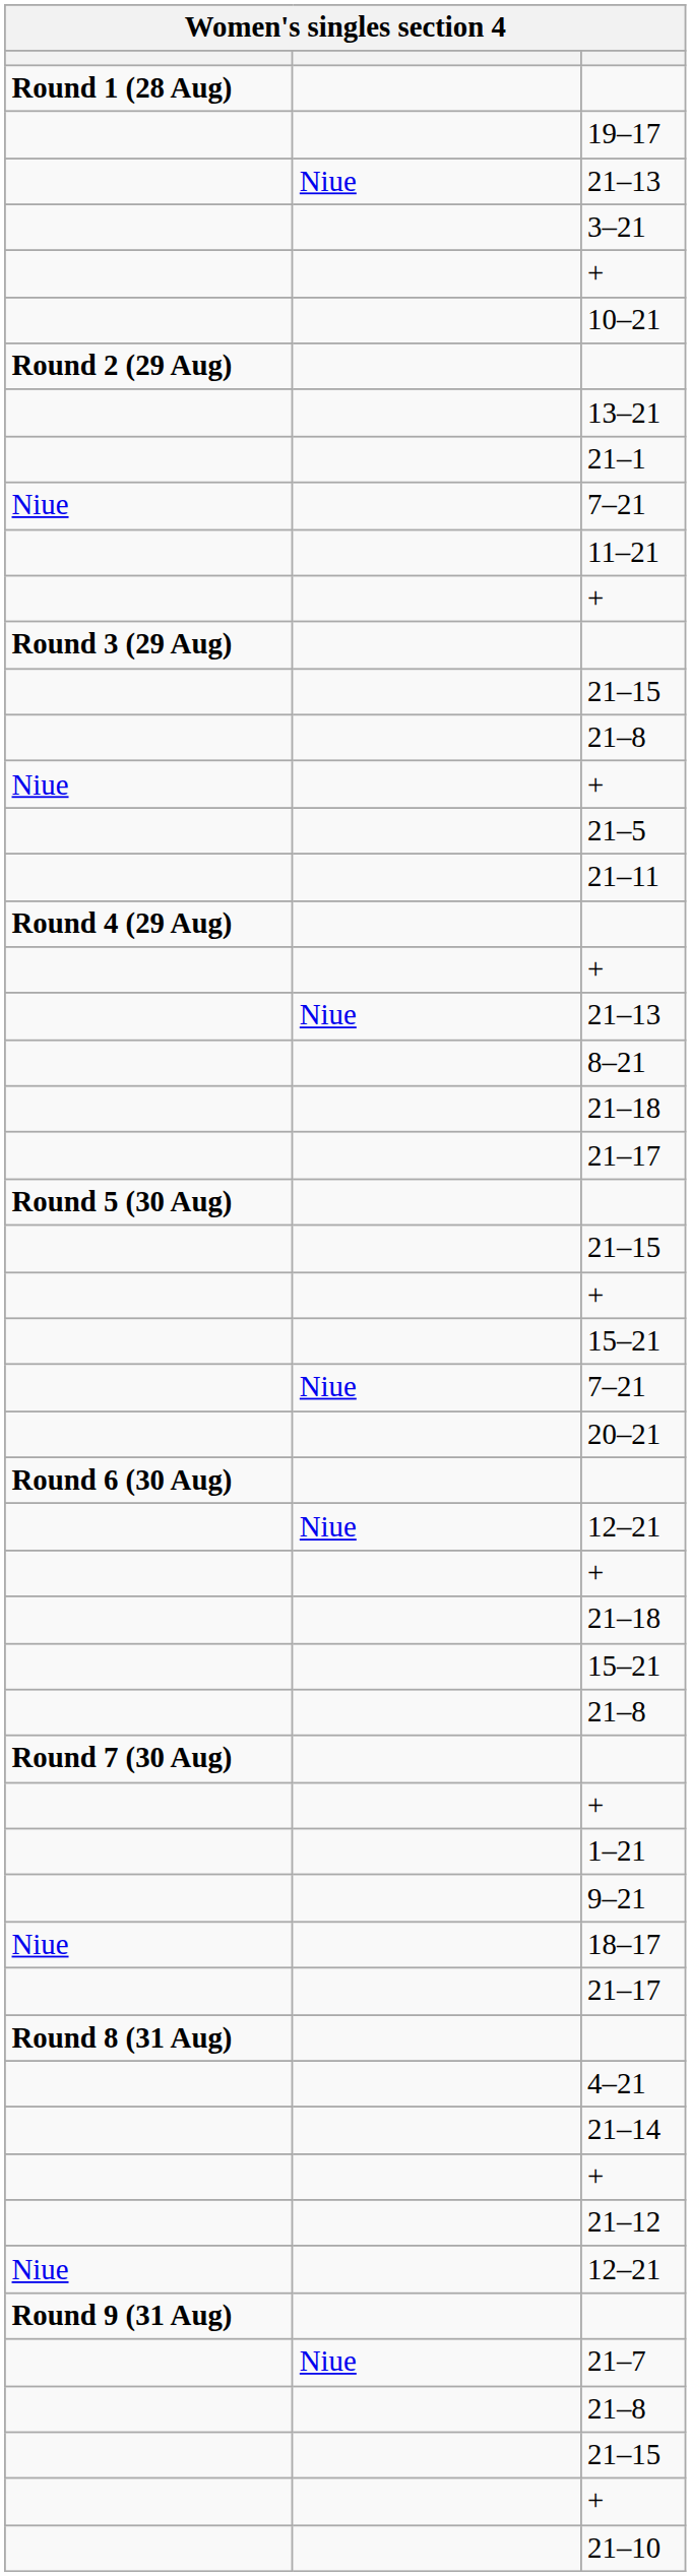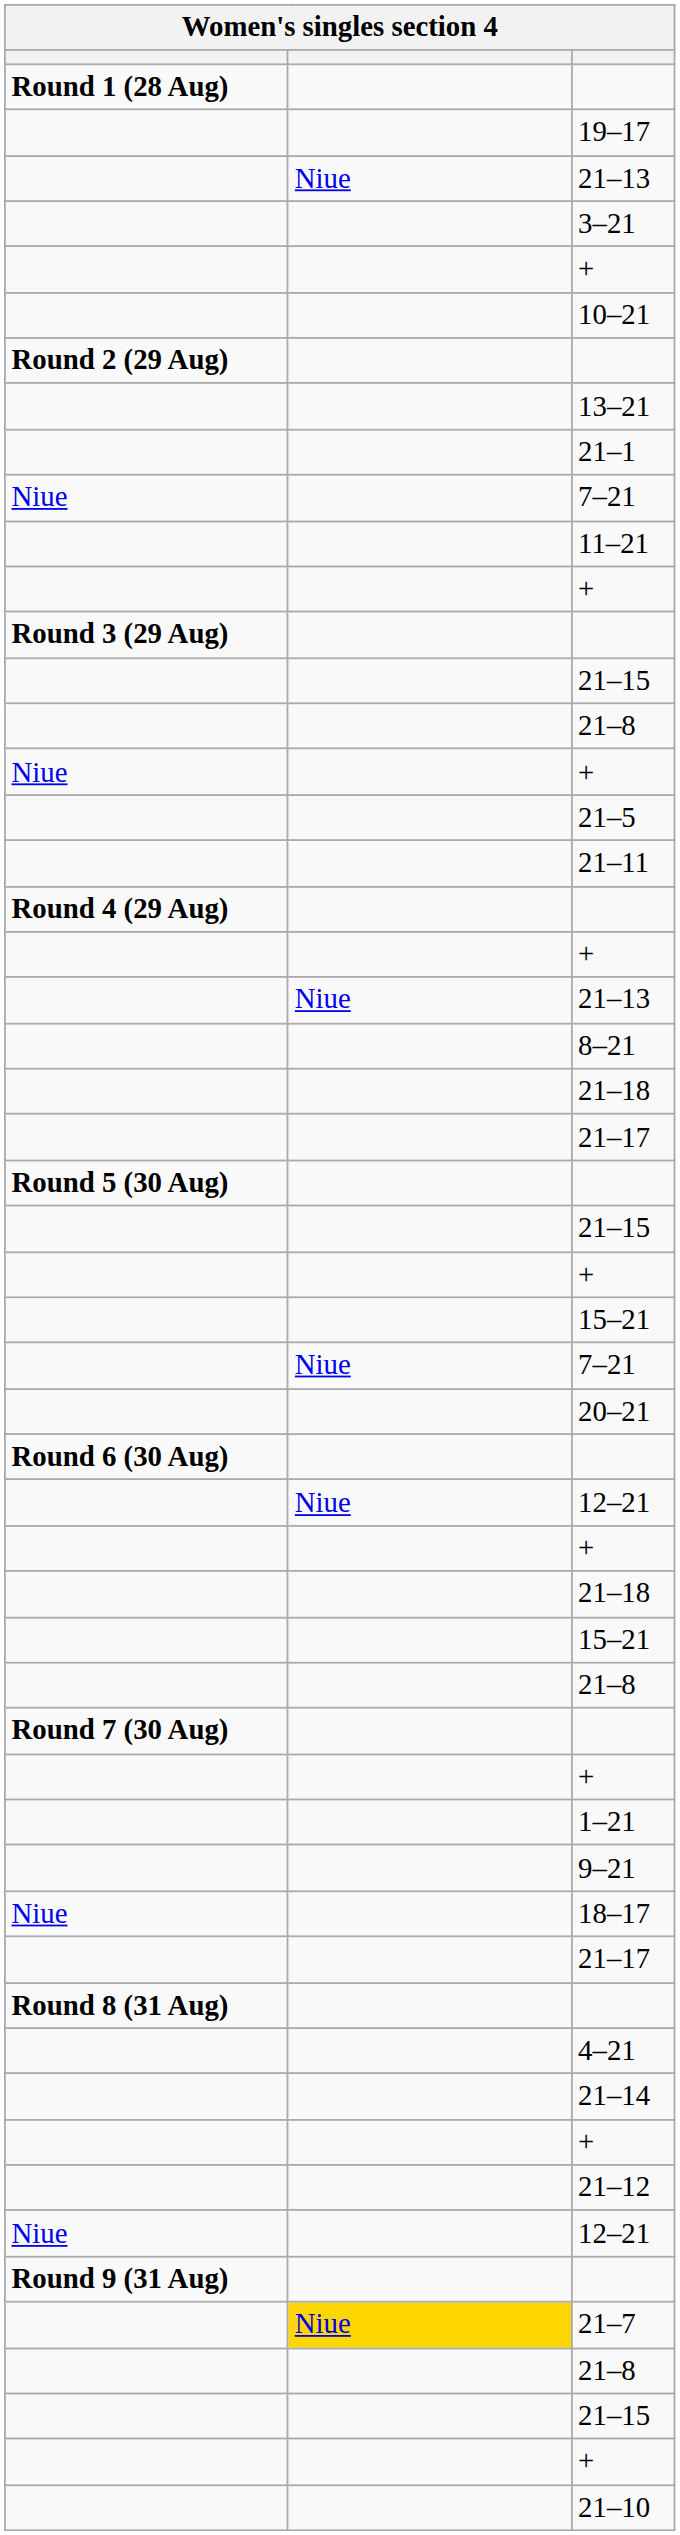 <table class="wikitable">
 <tr>
 <th colspan="3">Women's singles section 4</th>
 </tr>
 <tr>
 <th width=150></th>
 <th width=150></th>
 <th width=50></th>
 </tr>
 <tr>
 <td><strong>Round 1 (28 Aug)</strong></td>
 <td></td>
 <td></td>
 </tr>
 <tr>
 <td></td>
 <td></td>
 <td>19–17</td>
 </tr>
 <tr>
 <td></td>
 <td> <a href='#'>Niue</a></td>
 <td>21–13</td>
 </tr>
 <tr>
 <td></td>
 <td></td>
 <td>3–21</td>
 </tr>
 <tr>
 <td></td>
 <td></td>
 <td>+</td>
 </tr>
 <tr>
 <td></td>
 <td></td>
 <td>10–21</td>
 </tr>
 <tr>
 <td><strong>Round 2 (29 Aug)</strong></td>
 <td></td>
 <td></td>
 </tr>
 <tr>
 <td></td>
 <td></td>
 <td>13–21</td>
 </tr>
 <tr>
 <td></td>
 <td></td>
 <td>21–1</td>
 </tr>
 <tr>
 <td> <a href='#'>Niue</a></td>
 <td></td>
 <td>7–21</td>
 </tr>
 <tr>
 <td></td>
 <td></td>
 <td>11–21</td>
 </tr>
 <tr>
 <td></td>
 <td></td>
 <td>+</td>
 </tr>
 <tr>
 <td><strong>Round 3 (29 Aug)</strong></td>
 <td></td>
 <td></td>
 </tr>
 <tr>
 <td></td>
 <td></td>
 <td>21–15</td>
 </tr>
 <tr>
 <td></td>
 <td></td>
 <td>21–8</td>
 </tr>
 <tr>
 <td> <a href='#'>Niue</a></td>
 <td></td>
 <td>+</td>
 </tr>
 <tr>
 <td></td>
 <td></td>
 <td>21–5</td>
 </tr>
 <tr>
 <td></td>
 <td></td>
 <td>21–11</td>
 </tr>
 <tr>
 <td><strong>Round 4 (29 Aug)</strong></td>
 <td></td>
 <td></td>
 </tr>
 <tr>
 <td></td>
 <td></td>
 <td>+</td>
 </tr>
 <tr>
 <td></td>
 <td> <a href='#'>Niue</a></td>
 <td>21–13</td>
 </tr>
 <tr>
 <td></td>
 <td></td>
 <td>8–21</td>
 </tr>
 <tr>
 <td></td>
 <td></td>
 <td>21–18</td>
 </tr>
 <tr>
 <td></td>
 <td></td>
 <td>21–17</td>
 </tr>
 <tr>
 <td><strong>Round 5 (30 Aug)</strong></td>
 <td></td>
 <td></td>
 </tr>
 <tr>
 <td></td>
 <td></td>
 <td>21–15</td>
 </tr>
 <tr>
 <td></td>
 <td></td>
 <td>+</td>
 </tr>
 <tr>
 <td></td>
 <td></td>
 <td>15–21</td>
 </tr>
 <tr>
 <td></td>
 <td> <a href='#'>Niue</a></td>
 <td>7–21</td>
 </tr>
 <tr>
 <td></td>
 <td></td>
 <td>20–21</td>
 </tr>
 <tr>
 <td><strong>Round 6  (30 Aug)</strong></td>
 <td></td>
 <td></td>
 </tr>
 <tr>
 <td></td>
 <td> <a href='#'>Niue</a></td>
 <td>12–21</td>
 </tr>
 <tr>
 <td></td>
 <td></td>
 <td>+</td>
 </tr>
 <tr>
 <td></td>
 <td></td>
 <td>21–18</td>
 </tr>
 <tr>
 <td></td>
 <td></td>
 <td>15–21</td>
 </tr>
 <tr>
 <td></td>
 <td></td>
 <td>21–8</td>
 </tr>
 <tr>
 <td><strong>Round 7 (30 Aug)</strong></td>
 <td></td>
 <td></td>
 </tr>
 <tr>
 <td></td>
 <td></td>
 <td>+</td>
 </tr>
 <tr>
 <td></td>
 <td></td>
 <td>1–21</td>
 </tr>
 <tr>
 <td></td>
 <td></td>
 <td>9–21</td>
 </tr>
 <tr>
 <td> <a href='#'>Niue</a></td>
 <td></td>
 <td>18–17</td>
 </tr>
 <tr>
 <td></td>
 <td></td>
 <td>21–17</td>
 </tr>
 <tr>
 <td><strong>Round 8 (31 Aug)</strong></td>
 <td></td>
 <td></td>
 </tr>
 <tr>
 <td></td>
 <td></td>
 <td>4–21</td>
 </tr>
 <tr>
 <td></td>
 <td></td>
 <td>21–14</td>
 </tr>
 <tr>
 <td></td>
 <td></td>
 <td>+</td>
 </tr>
 <tr>
 <td></td>
 <td></td>
 <td>21–12</td>
 </tr>
 <tr>
 <td> <a href='#'>Niue</a></td>
 <td></td>
 <td>12–21</td>
 </tr>
 <tr>
 <td><strong>Round 9 (31 Aug)</strong></td>
 <td></td>
 <td></td>
 </tr>
 <tr>
 <td></td>
-<td> <a href='#'>Niue</a></td>
+<td style="background: gold;"> <a href='#'>Niue</a></td>
 <td>21–7</td>
 </tr>
 <tr>
 <td></td>
 <td></td>
 <td>21–8</td>
 </tr>
 <tr>
 <td></td>
 <td></td>
 <td>21–15</td>
 </tr>
 <tr>
 <td></td>
 <td></td>
 <td>+</td>
 </tr>
 <tr>
 <td></td>
 <td></td>
 <td>21–10</td>
 </tr>
 </table>
